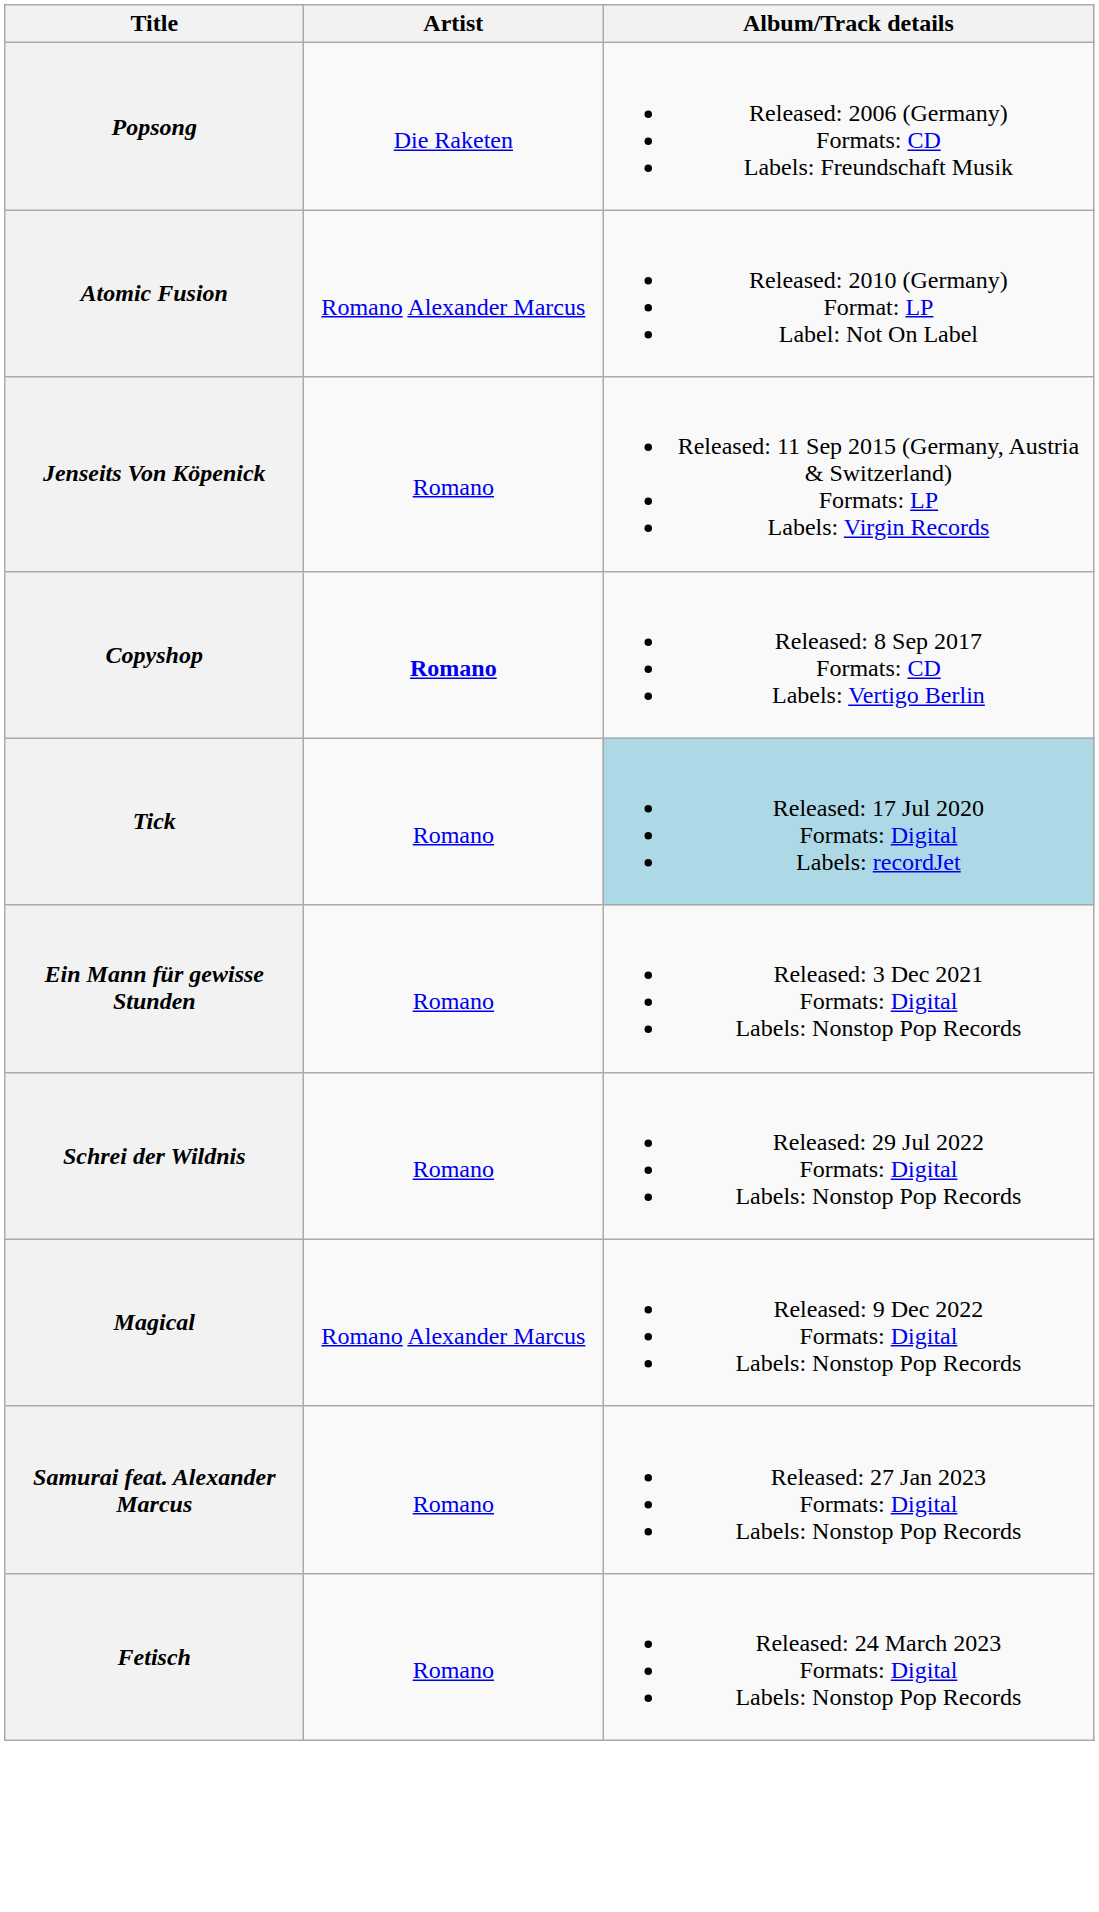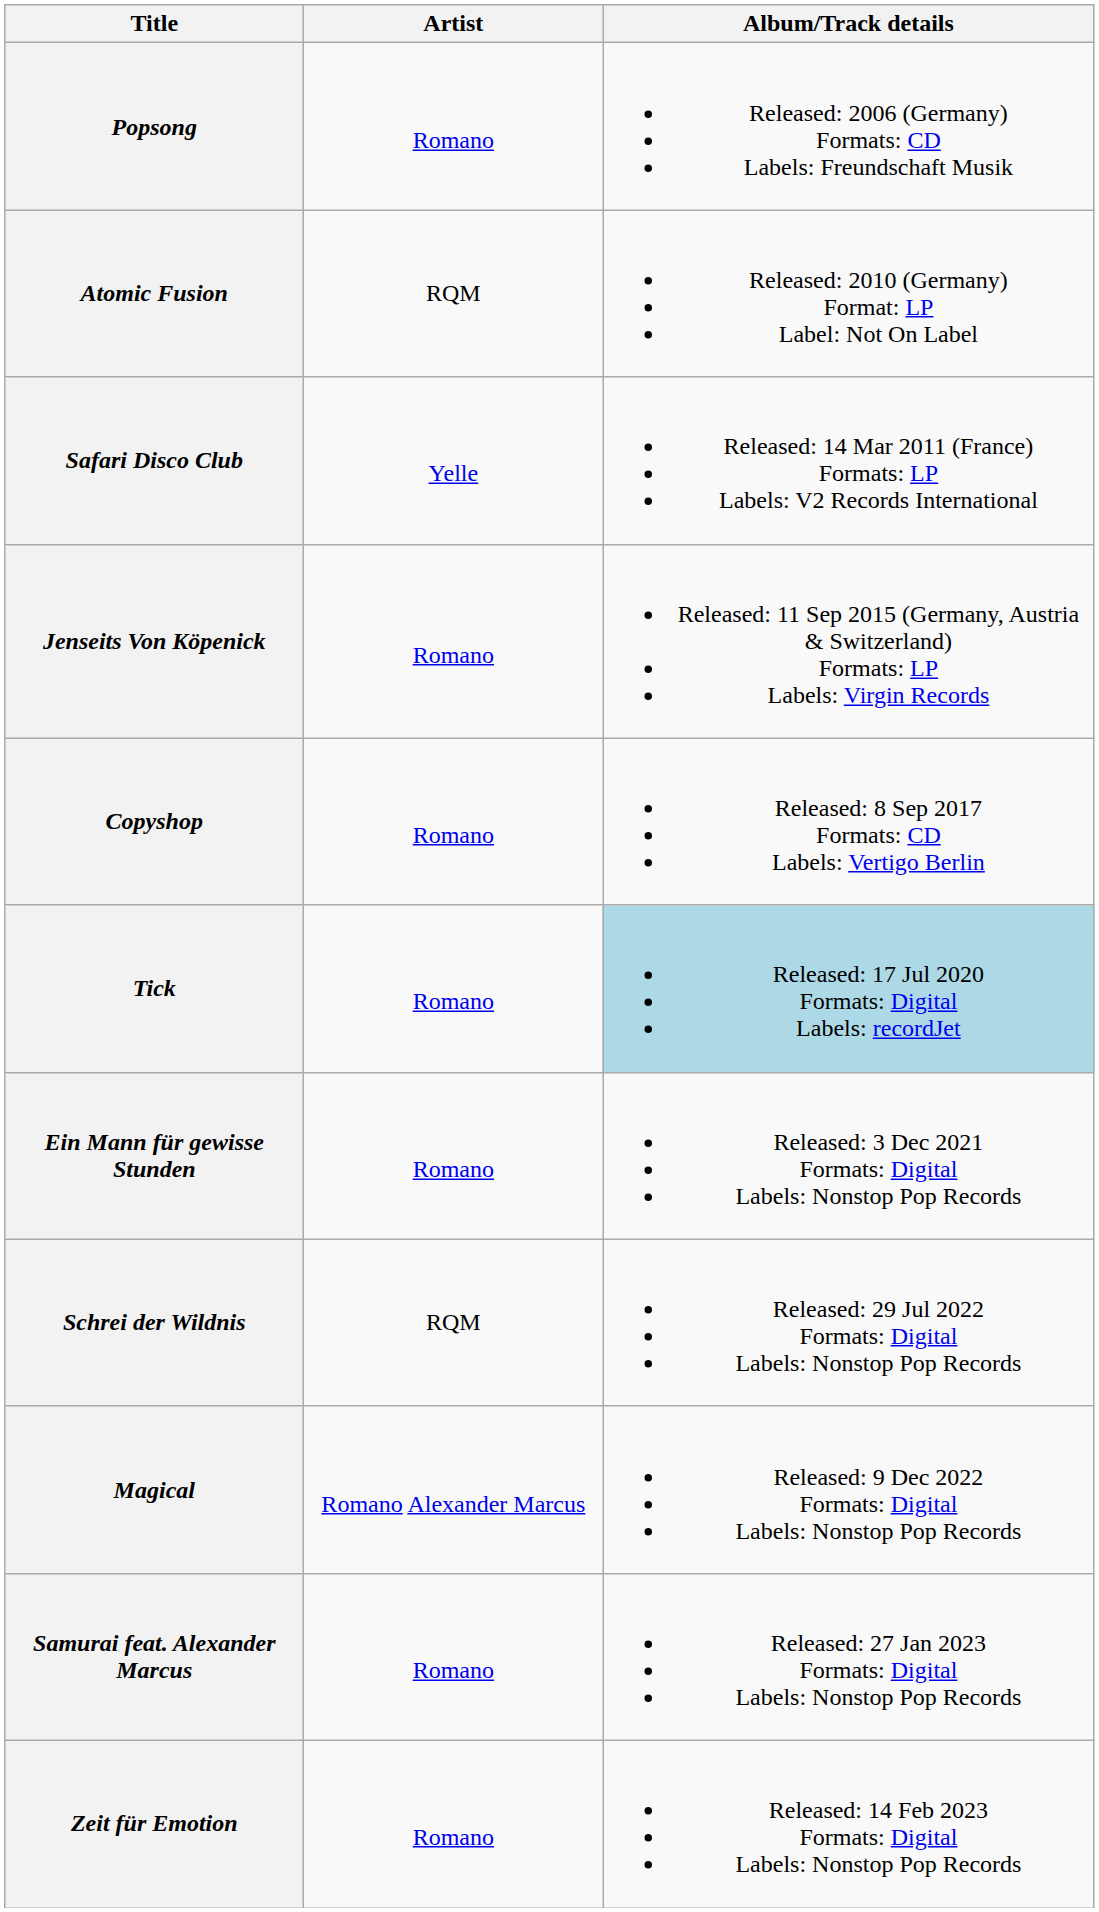 <table class="wikitable plainrowheaders" style="text-align:center;">
 <tr>
 <th scope="col" style="width:12em;">Title</th>
 <th scope="col" style="width:12em;">Artist</th>
 <th scope="col" style="width:20em;">Album/Track details</th>
 </tr>
 <tr>
 <th scope="row"><em>Popsong</em></th>
-<td><br><a href='#'>Die Raketen</a></td>
+<td><br><a href='#'>Romano</a></td>
 <td><br><ul><li>Released: 2006 <span>(Germany)</span></li><li>Formats: <a href='#'>CD</a></li><li>Labels: Freundschaft Musik</li></ul></td>
 </tr>
 <tr>
 <th scope="row"><em>Atomic Fusion</em></th>
-<td><br><a href='#'>Romano</a> <a href='#'>Alexander Marcus</a></td>
+<td>RQM</td>
 <td><br><ul><li>Released: 2010  <span>(Germany)</span></li><li>Format: <a href='#'>LP</a></li><li>Label: Not On Label</li></ul></td>
+</tr>
+<tr>
+<th scope="row"><em>Safari Disco Club</em></th>
+<td><br><a href='#'>Yelle</a></td>
+<td><br><ul><li>Released: 14 Mar 2011 <span>(France)</span></li><li>Formats: <a href='#'>LP</a></li><li>Labels: V2 Records International</li></ul></td>
 </tr>
 <tr>
 <th scope="row"><em>Jenseits Von Köpenick</em></th>
 <td><br><a href='#'>Romano</a></td>
 <td><br><ul><li>Released: 11 Sep 2015 <span>(Germany, Austria & Switzerland)</span></li><li>Formats: <a href='#'>LP</a></li><li>Labels: <a href='#'>Virgin Records</a></li></ul></td>
 </tr>
 <tr>
 <th scope="row"><em>Copyshop</em></th>
-<td><strong><br><a href='#'>Romano</a></strong></td>
+<td><br><a href='#'>Romano</a></td>
 <td><br><ul><li>Released: 8 Sep 2017</li><li>Formats: <a href='#'>CD</a></li><li>Labels: <a href='#'>Vertigo Berlin</a></li></ul></td>
 </tr>
 <tr>
 <th scope="row"><em>Tick</em></th>
 <td><br><a href='#'>Romano</a></td>
 <td style="background: lightblue;"><br><ul><li>Released: 17 Jul 2020</li><li>Formats: <a href='#'>Digital</a></li><li>Labels: <a href='#'>recordJet</a></li></ul></td>
 </tr>
 <tr>
 <th scope="row"><em>Ein Mann für gewisse Stunden</em></th>
 <td><br><a href='#'>Romano</a></td>
 <td><br><ul><li>Released: 3 Dec 2021</li><li>Formats: <a href='#'>Digital</a></li><li>Labels: Nonstop Pop Records</li></ul></td>
 </tr>
 <tr>
 <th scope="row"><em>Schrei der Wildnis</em></th>
-<td><br><a href='#'>Romano</a></td>
+<td>RQM</td>
 <td><br><ul><li>Released: 29 Jul 2022</li><li>Formats: <a href='#'>Digital</a></li><li>Labels: Nonstop Pop Records</li></ul></td>
 </tr>
 <tr>
 <th scope="row"><em>Magical</em></th>
 <td><br><a href='#'>Romano</a> <a href='#'>Alexander Marcus</a></td>
 <td><br><ul><li>Released: 9 Dec 2022</li><li>Formats: <a href='#'>Digital</a></li><li>Labels: Nonstop Pop Records</li></ul></td>
 </tr>
 <tr>
 <th scope="row"><em>Samurai feat. Alexander Marcus</em></th>
 <td><br><a href='#'>Romano</a></td>
 <td><br><ul><li>Released: 27 Jan 2023</li><li>Formats: <a href='#'>Digital</a></li><li>Labels: Nonstop Pop Records</li></ul></td>
 </tr>
 <tr>
-<th scope="row"><em>Fetisch</em></th>
+<th scope="row"><em>Zeit für Emotion</em></th>
 <td><br><a href='#'>Romano</a></td>
-<td><br><ul><li>Released: 24 March 2023</li><li>Formats: <a href='#'>Digital</a></li><li>Labels: Nonstop Pop Records</li></ul></td>
+<td><br><ul><li>Released: 14 Feb 2023</li><li>Formats: <a href='#'>Digital</a></li><li>Labels: Nonstop Pop Records</li></ul></td>
 </tr>
 </table>
